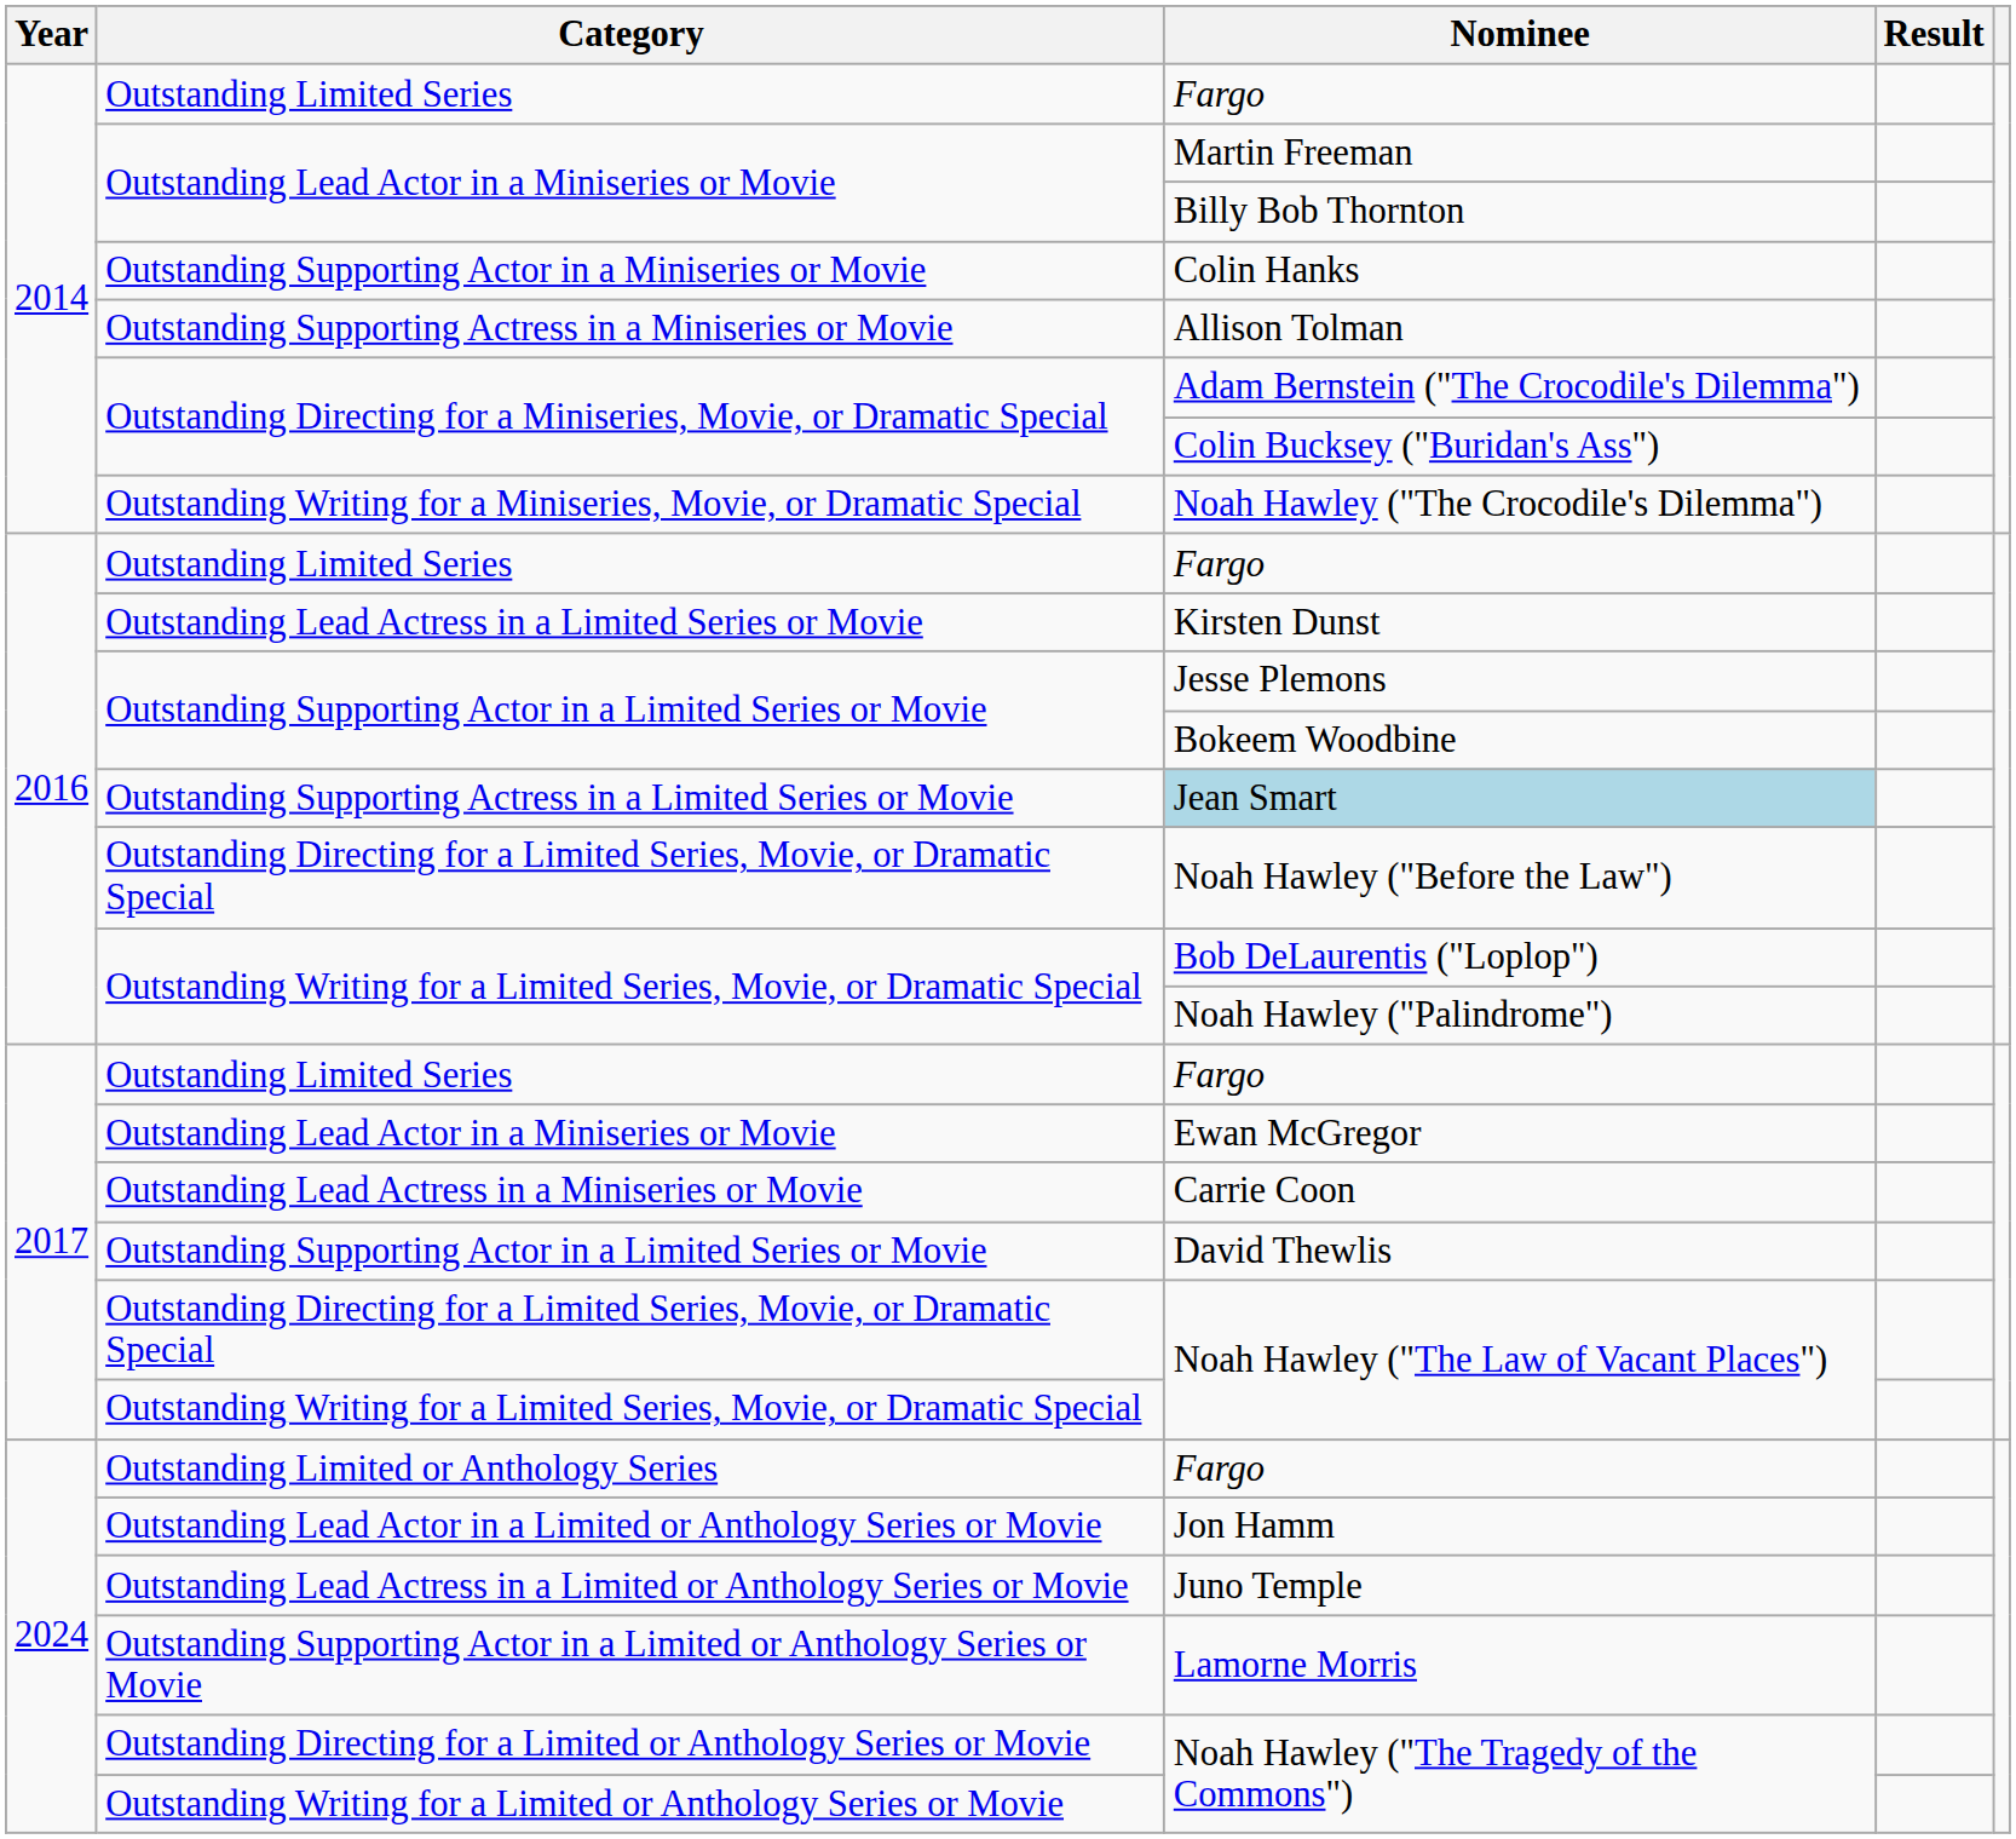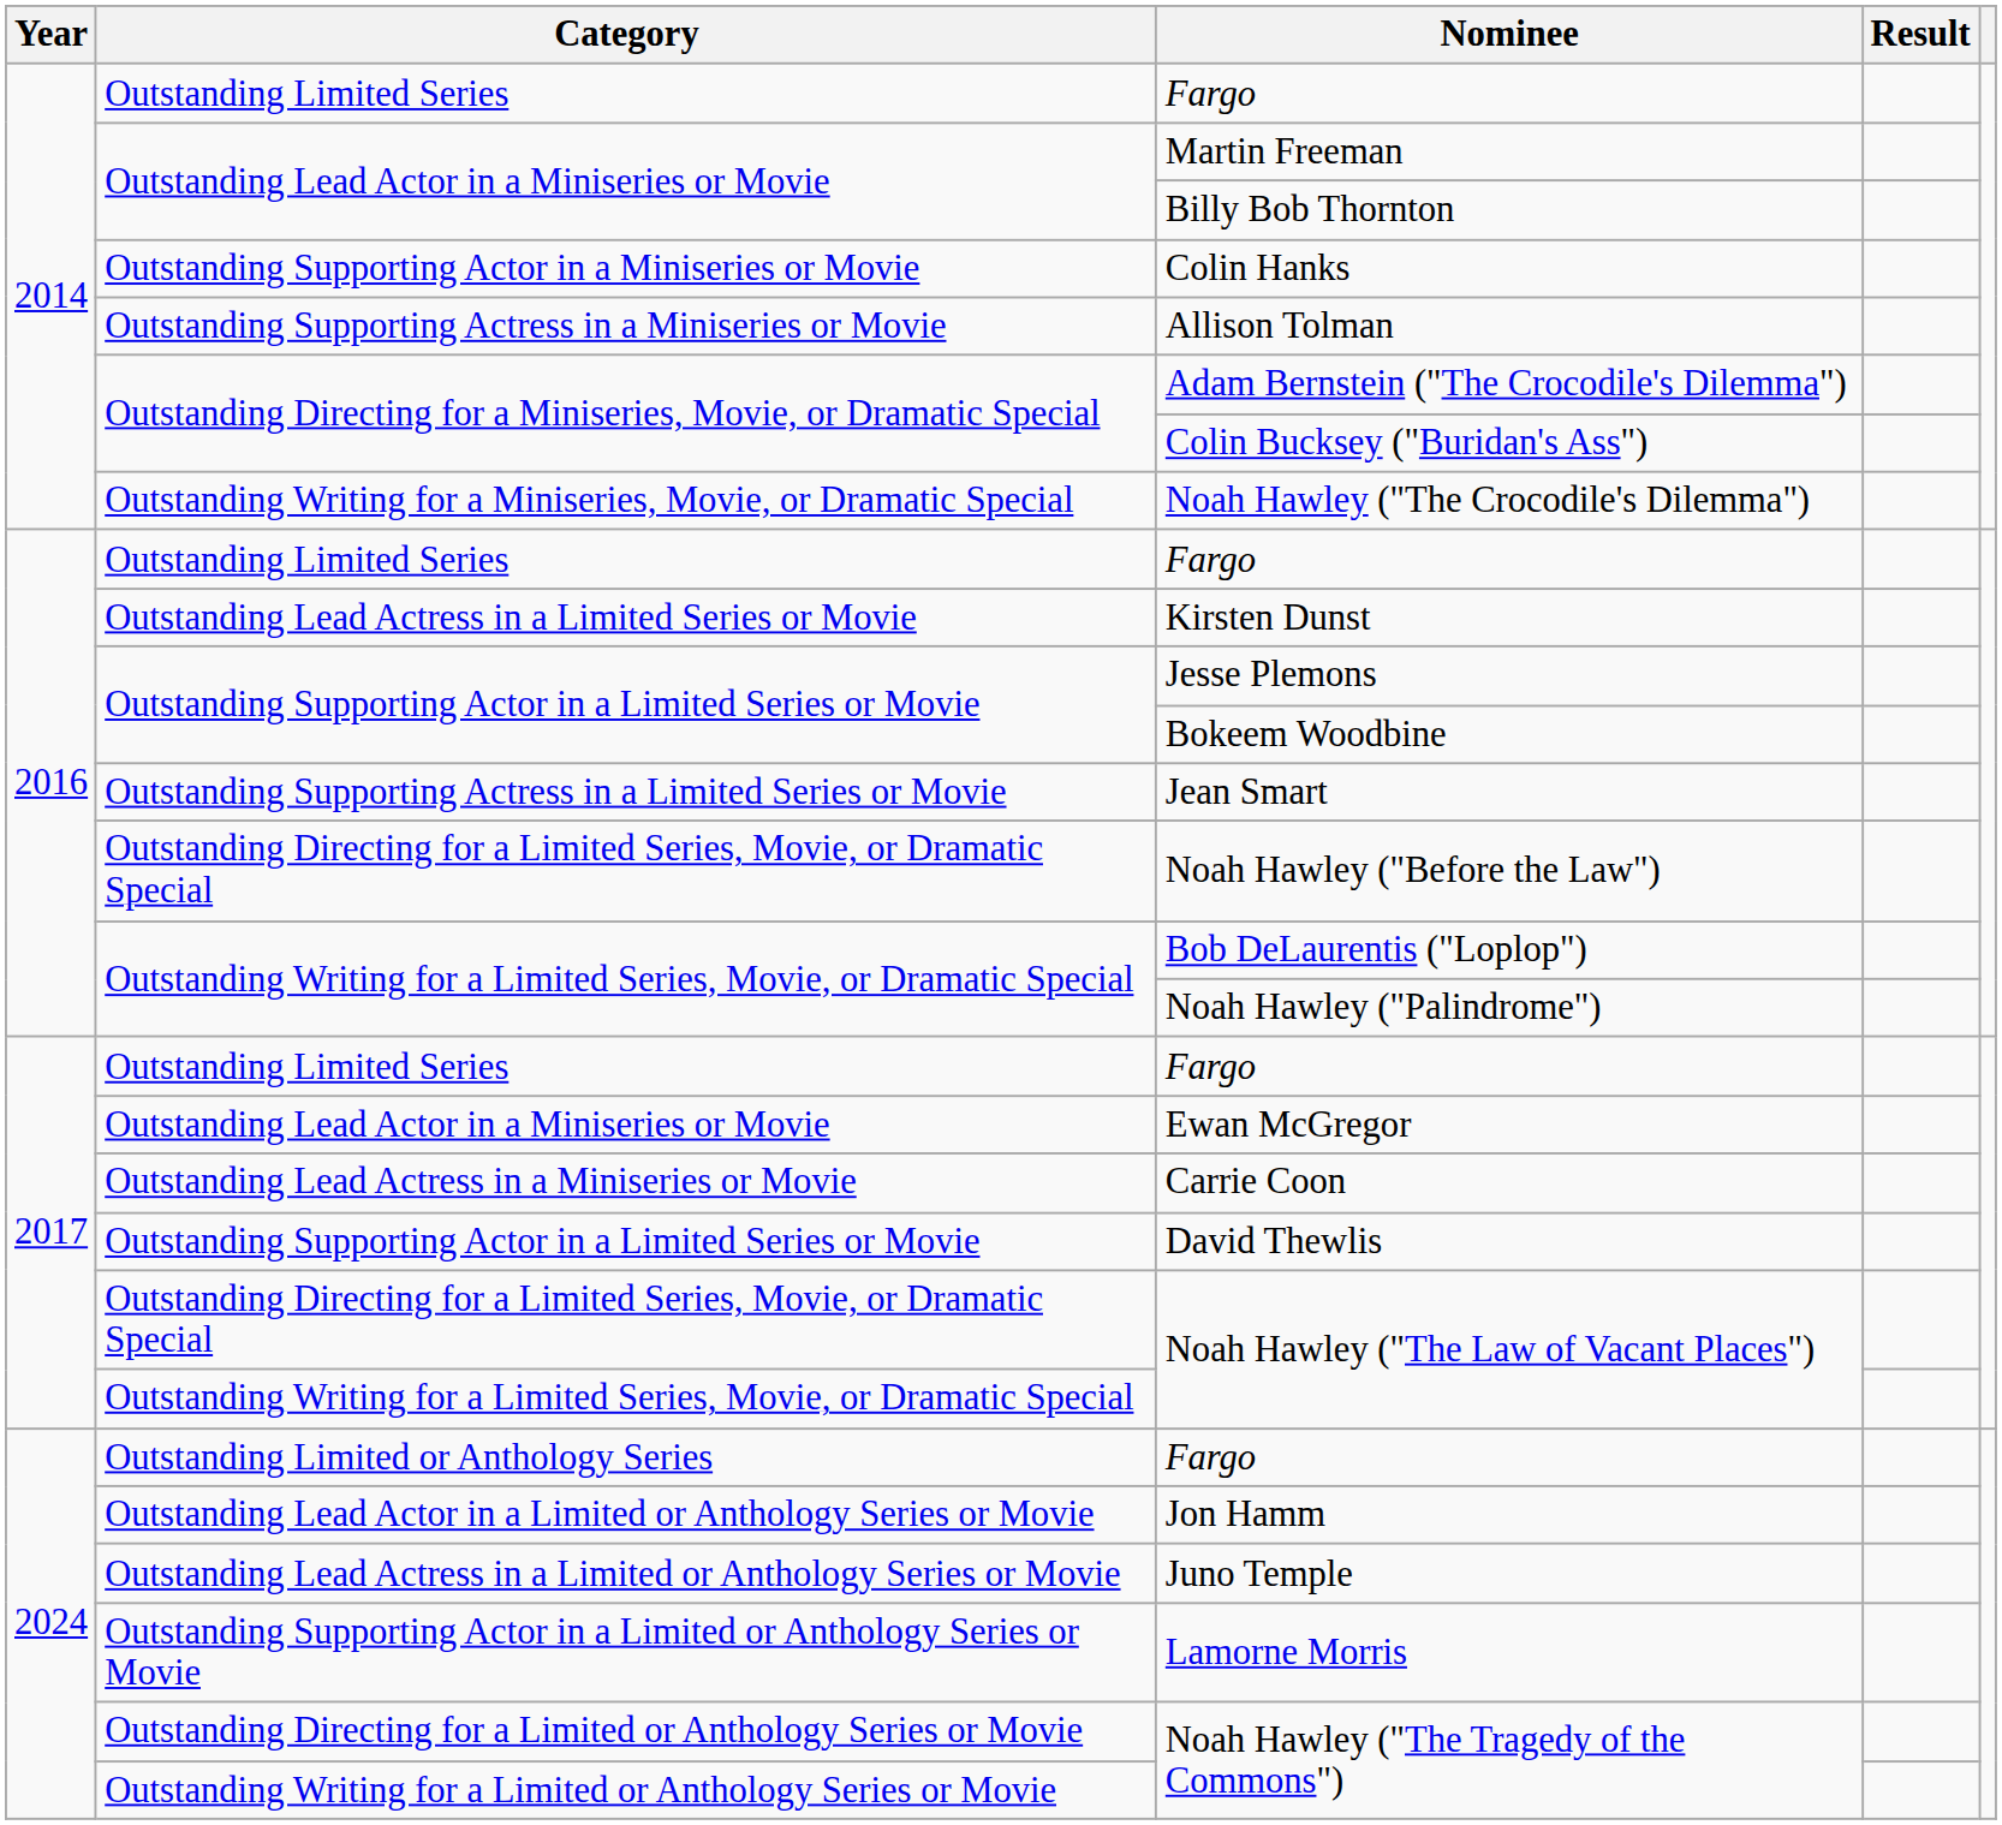 <table class="wikitable sortable">
 <tr>
 <th scope="col">Year</th>
 <th scope="col">Category</th>
 <th scope="col">Nominee</th>
 <th scope="col">Result</th>
 <th scope="col" class="unsortable"></th>
 </tr>
 <tr>
 <td rowspan="8"><a href='#'>2014</a></td>
 <td scope="row"><a href='#'>Outstanding Limited Series</a></td>
 <td><em>Fargo</em></td>
 <td></td>
 <td rowspan="8" style="text-align:center;"></td>
 </tr>
 <tr>
 <td scope="row" rowspan="2"><a href='#'>Outstanding Lead Actor in a Miniseries or Movie</a></td>
 <td>Martin Freeman</td>
 <td></td>
 </tr>
 <tr>
 <td>Billy Bob Thornton</td>
 <td></td>
 </tr>
 <tr>
 <td scope="row"><a href='#'>Outstanding Supporting Actor in a Miniseries or Movie</a></td>
 <td>Colin Hanks</td>
 <td></td>
 </tr>
 <tr>
 <td scope="row"><a href='#'>Outstanding Supporting Actress in a Miniseries or Movie</a></td>
 <td>Allison Tolman</td>
 <td></td>
 </tr>
 <tr>
 <td scope="row" rowspan="2"><a href='#'>Outstanding Directing for a Miniseries, Movie, or Dramatic Special</a></td>
 <td><a href='#'>Adam Bernstein</a> ("<a href='#'>The Crocodile's Dilemma</a>")</td>
 <td></td>
 </tr>
 <tr>
 <td><a href='#'>Colin Bucksey</a> ("<a href='#'>Buridan's Ass</a>")</td>
 <td></td>
 </tr>
 <tr>
 <td scope="row"><a href='#'>Outstanding Writing for a Miniseries, Movie, or Dramatic Special</a></td>
 <td><a href='#'>Noah Hawley</a> ("The Crocodile's Dilemma")</td>
 <td></td>
 </tr>
 <tr>
 <td rowspan="8"><a href='#'>2016</a></td>
 <td scope="row"><a href='#'>Outstanding Limited Series</a></td>
 <td><em>Fargo</em></td>
 <td></td>
 <td rowspan="8" style="text-align: center;"></td>
 </tr>
 <tr>
 <td scope="row"><a href='#'>Outstanding Lead Actress in a Limited Series or Movie</a></td>
 <td>Kirsten Dunst</td>
 <td></td>
 </tr>
 <tr>
 <td scope="row" rowspan="2"><a href='#'>Outstanding Supporting Actor in a Limited Series or Movie</a></td>
 <td>Jesse Plemons</td>
 <td></td>
 </tr>
 <tr>
 <td>Bokeem Woodbine</td>
 <td></td>
 </tr>
 <tr>
 <td scope="row"><a href='#'>Outstanding Supporting Actress in a Limited Series or Movie</a></td>
-<td style="background: lightblue;">Jean Smart</td>
+<td>Jean Smart</td>
 <td></td>
 </tr>
 <tr>
 <td scope="row"><a href='#'>Outstanding Directing for a Limited Series, Movie, or Dramatic Special</a></td>
 <td>Noah Hawley ("Before the Law")</td>
 <td></td>
 </tr>
 <tr>
 <td scope="row" rowspan="2"><a href='#'>Outstanding Writing for a Limited Series, Movie, or Dramatic Special</a></td>
 <td><a href='#'>Bob DeLaurentis</a> ("Loplop")</td>
 <td></td>
 </tr>
 <tr>
 <td>Noah Hawley ("Palindrome")</td>
 <td></td>
 </tr>
 <tr>
 <td rowspan="6"><a href='#'>2017</a></td>
 <td scope="row"><a href='#'>Outstanding Limited Series</a></td>
 <td><em>Fargo</em></td>
 <td></td>
 <td rowspan="6" style="text-align: center;"></td>
 </tr>
 <tr>
 <td scope="row"><a href='#'>Outstanding Lead Actor in a Miniseries or Movie</a></td>
 <td>Ewan McGregor</td>
 <td></td>
 </tr>
 <tr>
 <td scope="row"><a href='#'>Outstanding Lead Actress in a Miniseries or Movie</a></td>
 <td>Carrie Coon</td>
 <td></td>
 </tr>
 <tr>
 <td scope="row"><a href='#'>Outstanding Supporting Actor in a Limited Series or Movie</a></td>
 <td>David Thewlis</td>
 <td></td>
 </tr>
 <tr>
 <td scope="row"><a href='#'>Outstanding Directing for a Limited Series, Movie, or Dramatic Special</a></td>
 <td rowspan="2">Noah Hawley ("<a href='#'>The Law of Vacant Places</a>")</td>
 <td></td>
 </tr>
 <tr>
 <td scope="row"><a href='#'>Outstanding Writing for a Limited Series, Movie, or Dramatic Special</a></td>
 <td></td>
 </tr>
 <tr>
 <td rowspan="6"><a href='#'>2024</a></td>
 <td scope="row"><a href='#'>Outstanding Limited or Anthology Series</a></td>
 <td><em>Fargo</em></td>
 <td></td>
 <td rowspan="6" style="text-align: center;"></td>
 </tr>
 <tr>
 <td scope="row"><a href='#'>Outstanding Lead Actor in a Limited or Anthology Series or Movie</a></td>
 <td>Jon Hamm</td>
 <td></td>
 </tr>
 <tr>
 <td scope="row"><a href='#'>Outstanding Lead Actress in a Limited or Anthology Series or Movie</a></td>
 <td>Juno Temple</td>
 <td></td>
 </tr>
 <tr>
 <td scope="row"><a href='#'>Outstanding Supporting Actor in a Limited or Anthology Series or Movie</a></td>
 <td><a href='#'>Lamorne Morris</a> </td>
 <td></td>
 </tr>
 <tr>
 <td scope="row"><a href='#'>Outstanding Directing for a Limited or Anthology Series or Movie</a></td>
 <td rowspan="2">Noah Hawley ("<a href='#'>The Tragedy of the Commons</a>")</td>
 <td></td>
 </tr>
 <tr>
 <td scope="row"><a href='#'>Outstanding Writing for a Limited or Anthology Series or Movie</a></td>
 <td></td>
 </tr>
 </table>
